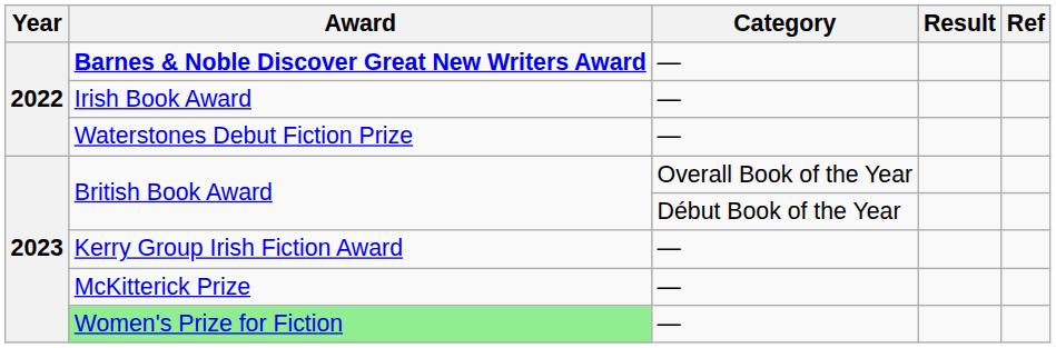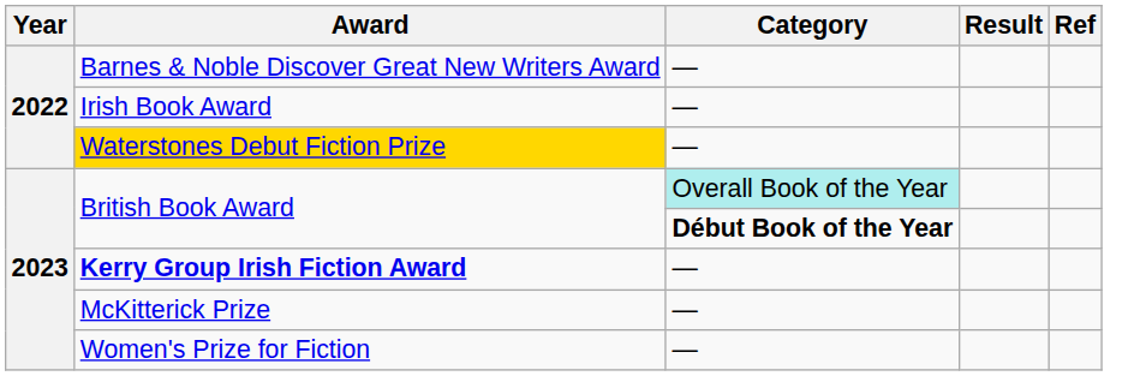 <table class="wikitable sortable">
 <tr>
 <th>Year</th>
 <th>Award</th>
 <th>Category</th>
 <th>Result</th>
 <th>Ref</th>
 </tr>
 <tr>
 <th rowspan="3">2022</th>
-<td><strong><a href='#'>Barnes & Noble Discover Great New Writers Award</a></strong></td>
+<td><a href='#'>Barnes & Noble Discover Great New Writers Award</a></td>
 <td>—</td>
 <td></td>
 <td></td>
 </tr>
 <tr>
 <td><a href='#'>Irish Book Award</a></td>
 <td>—</td>
 <td></td>
 <td></td>
 </tr>
 <tr>
-<td><a href='#'>Waterstones Debut Fiction Prize</a></td>
+<td style="background: gold;"><a href='#'>Waterstones Debut Fiction Prize</a></td>
 <td>—</td>
 <td></td>
 <td></td>
 </tr>
 <tr>
 <th rowspan="5">2023</th>
 <td rowspan="2"><a href='#'>British Book Award</a></td>
-<td>Overall Book of the Year</td>
+<td style="background: paleturquoise;">Overall Book of the Year</td>
 <td></td>
 <td></td>
 </tr>
 <tr>
-<td>Début Book of the Year</td>
+<td><strong>Début Book of the Year</strong></td>
 <td></td>
 <td></td>
 </tr>
 <tr>
-<td><a href='#'>Kerry Group Irish Fiction Award</a></td>
+<td><strong><a href='#'>Kerry Group Irish Fiction Award</a></strong></td>
 <td>—</td>
 <td></td>
 <td></td>
 </tr>
 <tr>
 <td><a href='#'>McKitterick Prize</a></td>
 <td>—</td>
 <td></td>
 <td></td>
 </tr>
 <tr>
-<td style="background: lightgreen;"><a href='#'>Women's Prize for Fiction</a></td>
+<td><a href='#'>Women's Prize for Fiction</a></td>
 <td>—</td>
 <td></td>
 <td></td>
 </tr>
 </table>
